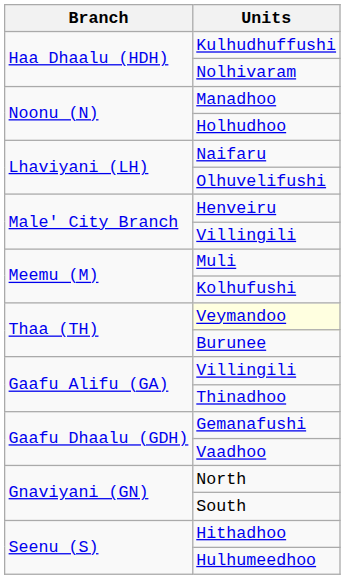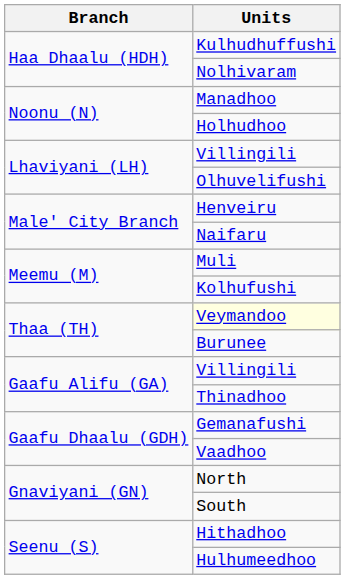 <table class="wikitable">
 <tr>
 <th>Branch</th>
 <th>Units</th>
 </tr>
 <tr>
 <td rowspan="2"><a href='#'>Haa Dhaalu (HDH)</a></td>
 <td><a href='#'>Kulhudhuffushi</a></td>
 </tr>
 <tr>
 <td><a href='#'>Nolhivaram</a></td>
 </tr>
 <tr>
 <td rowspan="2"><a href='#'>Noonu (N)</a></td>
 <td><a href='#'>Manadhoo</a></td>
 </tr>
 <tr>
 <td><a href='#'>Holhudhoo</a></td>
 </tr>
 <tr>
 <td rowspan="2"><a href='#'>Lhaviyani (LH)</a></td>
-<td><a href='#'>Naifaru</a></td>
+<td><a href='#'>Villingili</a></td>
 </tr>
 <tr>
 <td><a href='#'>Olhuvelifushi</a></td>
 </tr>
 <tr>
 <td rowspan="2"><a href='#'>Male' City Branch</a></td>
 <td><a href='#'>Henveiru</a></td>
 </tr>
 <tr>
-<td><a href='#'>Villingili</a></td>
+<td><a href='#'>Naifaru</a></td>
 </tr>
 <tr>
 <td rowspan="2"><a href='#'>Meemu (M)</a></td>
 <td><a href='#'>Muli</a></td>
 </tr>
 <tr>
 <td><a href='#'>Kolhufushi</a></td>
 </tr>
 <tr>
 <td rowspan="2"><a href='#'>Thaa (TH)</a></td>
 <td style="background: lightyellow;"><a href='#'>Veymandoo</a></td>
 </tr>
 <tr>
 <td><a href='#'>Burunee</a></td>
 </tr>
 <tr>
 <td rowspan="2"><a href='#'>Gaafu Alifu (GA)</a></td>
 <td><a href='#'>Villingili</a></td>
 </tr>
 <tr>
 <td><a href='#'>Thinadhoo</a></td>
 </tr>
 <tr>
 <td rowspan="2"><a href='#'>Gaafu Dhaalu (GDH)</a></td>
 <td><a href='#'>Gemanafushi</a></td>
 </tr>
 <tr>
 <td><a href='#'>Vaadhoo</a></td>
 </tr>
 <tr>
 <td rowspan="2"><a href='#'>Gnaviyani (GN)</a></td>
 <td>North</td>
 </tr>
 <tr>
 <td>South</td>
 </tr>
 <tr>
 <td rowspan="2"><a href='#'>Seenu (S)</a></td>
 <td><a href='#'>Hithadhoo</a></td>
 </tr>
 <tr>
 <td><a href='#'>Hulhumeedhoo</a></td>
 </tr>
 </table>
